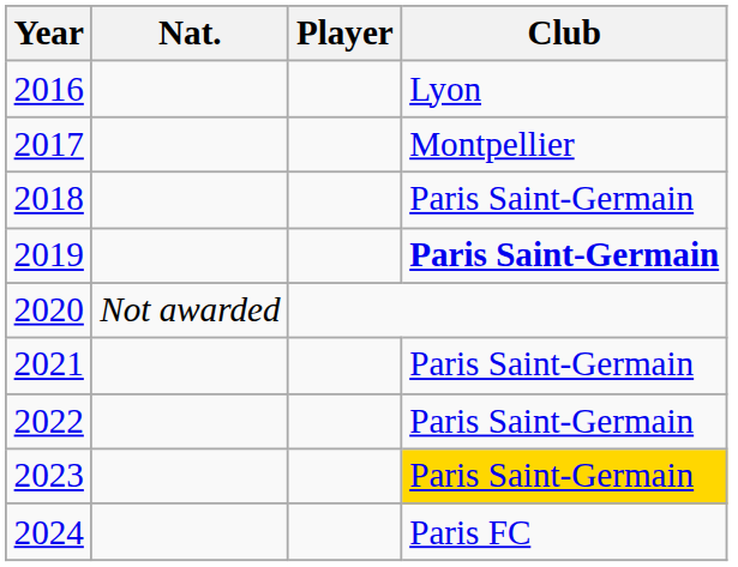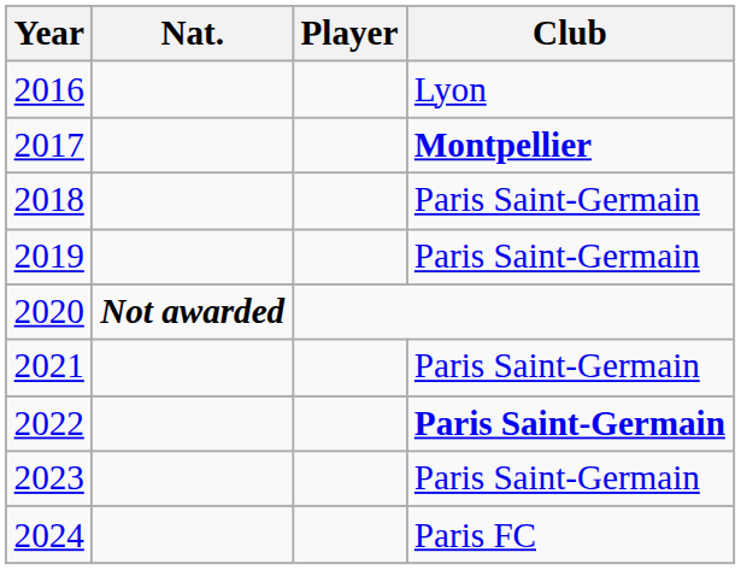 <table class="sortable wikitable" style="text-align: center;">
 <tr>
 <th>Year</th>
 <th>Nat.</th>
 <th>Player</th>
 <th>Club</th>
 </tr>
 <tr>
 <td><a href='#'>2016</a></td>
 <td></td>
 <td align=left></td>
 <td align=left><a href='#'>Lyon</a></td>
 </tr>
 <tr>
 <td><a href='#'>2017</a></td>
 <td></td>
 <td align=left></td>
-<td align=left><a href='#'>Montpellier</a></td>
+<td align=left><strong><a href='#'>Montpellier</a></strong></td>
 </tr>
 <tr>
 <td><a href='#'>2018</a></td>
 <td></td>
 <td align=left></td>
 <td align=left><a href='#'>Paris Saint-Germain</a></td>
 </tr>
 <tr>
 <td><a href='#'>2019</a></td>
 <td></td>
 <td align=left></td>
-<td align=left><strong><a href='#'>Paris Saint-Germain</a></strong></td>
+<td align=left><a href='#'>Paris Saint-Germain</a></td>
 </tr>
 <tr>
 <td><a href='#'>2020</a></td>
-<td {{colspan=3><em>Not awarded</em></td>
+<td {{colspan=3><strong><em>Not awarded</em></strong></td>
 </tr>
 <tr>
 <td><a href='#'>2021</a></td>
 <td></td>
 <td align=left></td>
 <td align=left><a href='#'>Paris Saint-Germain</a></td>
 </tr>
 <tr>
 <td><a href='#'>2022</a></td>
 <td></td>
 <td align=left></td>
-<td align=left><a href='#'>Paris Saint-Germain</a></td>
+<td align=left><strong><a href='#'>Paris Saint-Germain</a></strong></td>
 </tr>
 <tr>
 <td><a href='#'>2023</a></td>
 <td></td>
 <td align=left></td>
-<td align=left style="background: gold;"><a href='#'>Paris Saint-Germain</a></td>
+<td align=left><a href='#'>Paris Saint-Germain</a></td>
 </tr>
 <tr>
 <td><a href='#'>2024</a></td>
 <td></td>
 <td align=left></td>
 <td align=left><a href='#'>Paris FC</a></td>
 </tr>
 </table>
